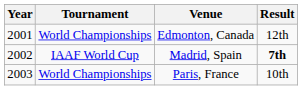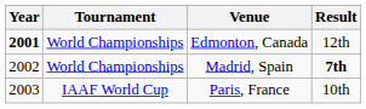 <table class="wikitable" style=" text-align:center">
 <tr>
 <th>Year</th>
 <th>Tournament</th>
 <th>Venue</th>
 <th>Result</th>
 </tr>
 <tr>
-<td>2001</td>
+<td><strong>2001</strong></td>
 <td><a href='#'>World Championships</a></td>
 <td><a href='#'>Edmonton</a>, Canada</td>
 <td>12th</td>
 </tr>
 <tr>
 <td>2002</td>
-<td><a href='#'>IAAF World Cup</a></td>
+<td><a href='#'>World Championships</a></td>
 <td><a href='#'>Madrid</a>, Spain</td>
 <td><strong>7th</strong></td>
 </tr>
 <tr>
 <td>2003</td>
-<td><a href='#'>World Championships</a></td>
+<td><a href='#'>IAAF World Cup</a></td>
 <td><a href='#'>Paris</a>, France</td>
 <td>10th</td>
 </tr>
 </table>
